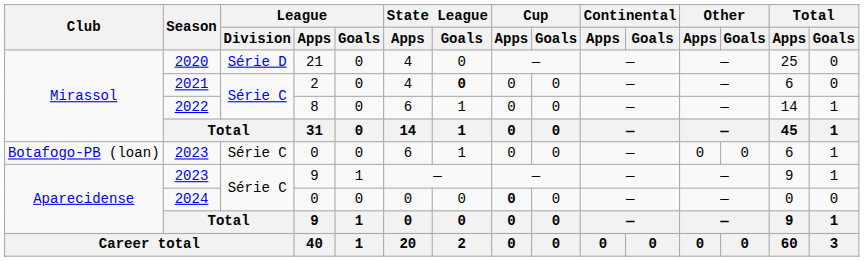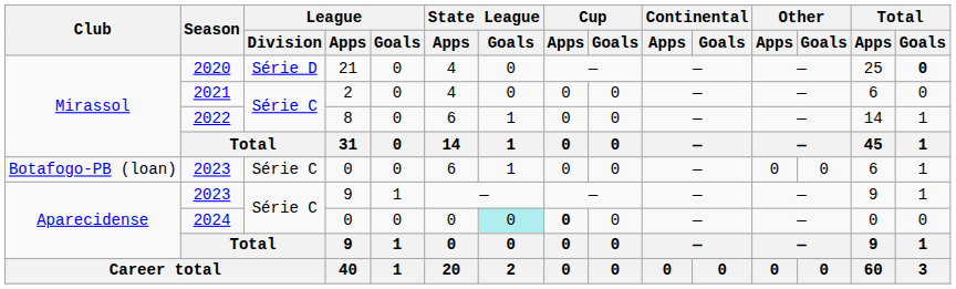 <table class="wikitable" style="text-align: center">
 <tr>
 <th rowspan="2">Club</th>
 <th rowspan="2">Season</th>
 <th colspan="3">League</th>
 <th colspan="2">State League</th>
 <th colspan="2">Cup</th>
 <th colspan="2">Continental</th>
 <th colspan="2">Other</th>
 <th colspan="2">Total</th>
 </tr>
 <tr>
 <th>Division</th>
 <th>Apps</th>
 <th>Goals</th>
 <th>Apps</th>
 <th>Goals</th>
 <th>Apps</th>
 <th>Goals</th>
 <th>Apps</th>
 <th>Goals</th>
 <th>Apps</th>
 <th>Goals</th>
 <th>Apps</th>
 <th>Goals</th>
 </tr>
 <tr>
 <td rowspan="4"><a href='#'>Mirassol</a></td>
 <td><a href='#'>2020</a></td>
 <td><a href='#'>Série D</a></td>
 <td>21</td>
 <td>0</td>
 <td>4</td>
 <td>0</td>
 <td colspan="2">—</td>
 <td colspan="2">—</td>
 <td colspan="2">—</td>
 <td>25</td>
-<td>0</td>
+<td><strong>0</strong></td>
 </tr>
 <tr>
 <td><a href='#'>2021</a></td>
 <td rowspan="2"><a href='#'>Série C</a></td>
 <td>2</td>
 <td>0</td>
 <td>4</td>
-<td><strong>0</strong></td>
+<td>0</td>
 <td>0</td>
 <td>0</td>
 <td colspan="2">—</td>
 <td colspan="2">—</td>
 <td>6</td>
 <td>0</td>
 </tr>
 <tr>
 <td><a href='#'>2022</a></td>
 <td>8</td>
 <td>0</td>
 <td>6</td>
 <td>1</td>
 <td>0</td>
 <td>0</td>
 <td colspan="2">—</td>
 <td colspan="2">—</td>
 <td>14</td>
 <td>1</td>
 </tr>
 <tr>
 <th colspan="2">Total</th>
 <th>31</th>
 <th>0</th>
 <th>14</th>
 <th>1</th>
 <th>0</th>
 <th>0</th>
 <th colspan="2">—</th>
 <th colspan="2">—</th>
 <th>45</th>
 <th>1</th>
 </tr>
 <tr>
 <td><a href='#'>Botafogo-PB</a> (loan)</td>
 <td><a href='#'>2023</a></td>
 <td>Série C</td>
 <td>0</td>
 <td>0</td>
 <td>6</td>
 <td>1</td>
 <td>0</td>
 <td>0</td>
 <td colspan="2">—</td>
 <td>0</td>
 <td>0</td>
 <td>6</td>
 <td>1</td>
 </tr>
 <tr>
 <td rowspan="3"><a href='#'>Aparecidense</a></td>
 <td><a href='#'>2023</a></td>
 <td rowspan="2">Série C</td>
 <td>9</td>
 <td>1</td>
 <td colspan="2">—</td>
 <td colspan="2">—</td>
 <td colspan="2">—</td>
 <td colspan="2">—</td>
 <td>9</td>
 <td>1</td>
 </tr>
 <tr>
 <td><a href='#'>2024</a></td>
 <td>0</td>
 <td>0</td>
 <td>0</td>
-<td>0</td>
+<td style="background: paleturquoise;">0</td>
 <td><strong>0</strong></td>
 <td>0</td>
 <td colspan="2">—</td>
 <td colspan="2">—</td>
 <td>0</td>
 <td>0</td>
 </tr>
 <tr>
 <th colspan="2">Total</th>
 <th>9</th>
 <th>1</th>
 <th>0</th>
 <th>0</th>
 <th>0</th>
 <th>0</th>
 <th colspan="2">—</th>
 <th colspan="2">—</th>
 <th>9</th>
 <th>1</th>
 </tr>
 <tr>
 <th colspan="3"><strong>Career total</strong></th>
 <th>40</th>
 <th>1</th>
 <th>20</th>
 <th>2</th>
 <th>0</th>
 <th>0</th>
 <th>0</th>
 <th>0</th>
 <th>0</th>
 <th>0</th>
 <th>60</th>
 <th>3</th>
 </tr>
 </table>
